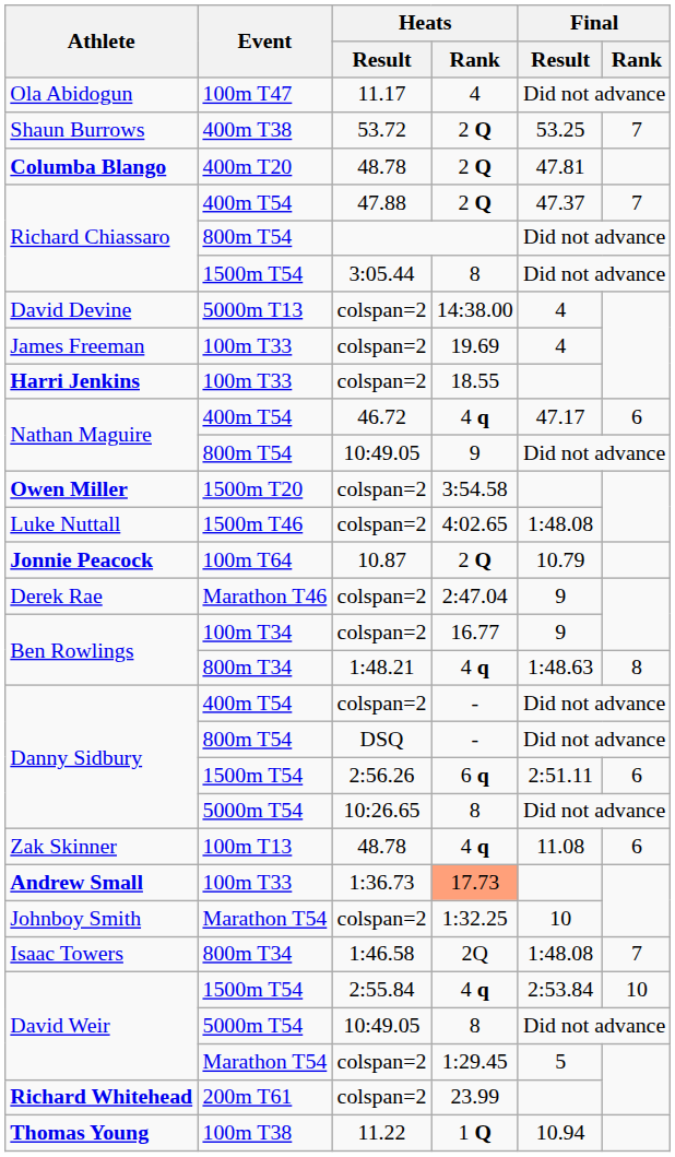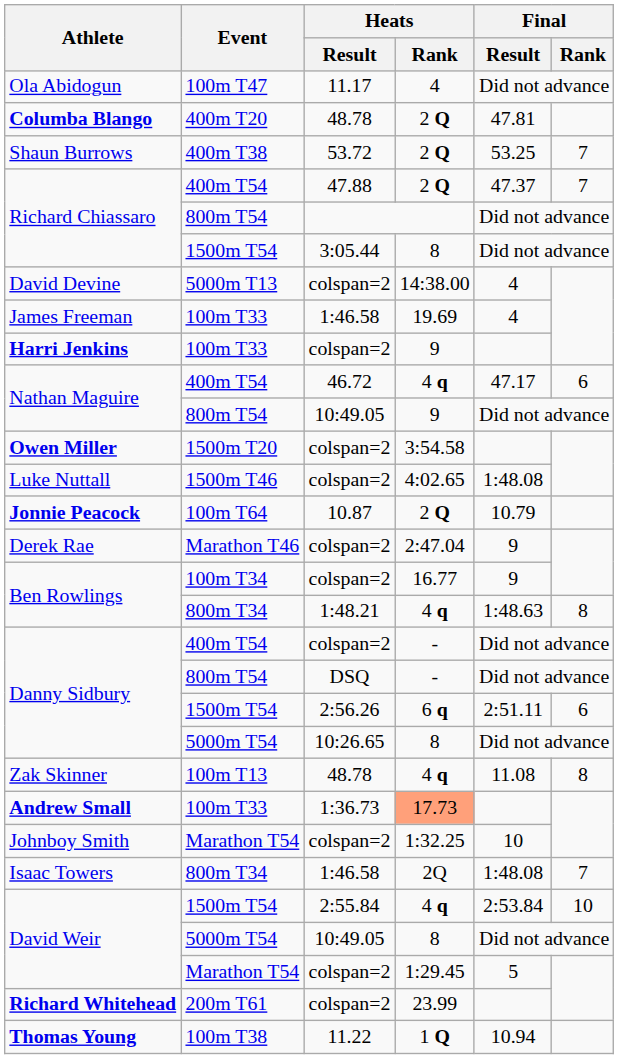 <table class=wikitable style="font-size:90%">
 <tr>
 <th rowspan="2">Athlete</th>
 <th rowspan="2">Event</th>
 <th colspan="2">Heats</th>
 <th colspan="2">Final</th>
 </tr>
 <tr>
 <th>Result</th>
 <th>Rank</th>
 <th>Result</th>
 <th>Rank</th>
 </tr>
 <tr align=center>
 <td align=left><a href='#'>Ola Abidogun</a></td>
 <td align=left><a href='#'>100m T47</a></td>
 <td>11.17</td>
 <td>4</td>
 <td colspan=2>Did not advance</td>
 </tr>
 <tr align=center>
+<td align=left><strong><a href='#'>Columba Blango</a></strong></td>
+<td align=left><a href='#'>400m T20</a></td>
+<td>48.78</td>
+<td>2 <strong>Q</strong></td>
+<td>47.81</td>
+<td></td>
+</tr>
+<tr align=center>
 <td align=left><a href='#'>Shaun Burrows</a></td>
 <td align=left><a href='#'>400m T38</a></td>
 <td>53.72</td>
 <td>2 <strong>Q</strong></td>
 <td>53.25</td>
 <td>7</td>
-</tr>
-<tr align=center>
-<td align=left><strong><a href='#'>Columba Blango</a></strong></td>
-<td align=left><a href='#'>400m T20</a></td>
-<td>48.78</td>
-<td>2 <strong>Q</strong></td>
-<td>47.81</td>
-<td></td>
 </tr>
 <tr align=center>
 <td align=left rowspan=3><a href='#'>Richard Chiassaro</a></td>
 <td align=left><a href='#'>400m T54</a></td>
 <td>47.88</td>
 <td>2 <strong>Q</strong></td>
 <td>47.37</td>
 <td>7</td>
 </tr>
 <tr align=center>
 <td align=left><a href='#'>800m T54</a></td>
 <td colspan="2"></td>
 <td colspan=2>Did not advance</td>
 </tr>
 <tr align=center>
 <td align=left><a href='#'>1500m T54</a></td>
 <td>3:05.44</td>
 <td>8</td>
 <td colspan=2>Did not advance</td>
 </tr>
 <tr align=center>
 <td align=left><a href='#'>David Devine</a></td>
 <td align=left><a href='#'>5000m T13</a></td>
 <td>colspan=2 </td>
 <td>14:38.00</td>
 <td>4</td>
 </tr>
 <tr align=center>
 <td align=left><a href='#'>James Freeman</a></td>
 <td align=left><a href='#'>100m T33</a></td>
-<td>colspan=2 </td>
+<td>1:46.58</td>
 <td>19.69</td>
 <td>4</td>
 </tr>
 <tr align=center>
 <td align=left><strong><a href='#'>Harri Jenkins</a></strong></td>
 <td align=left><a href='#'>100m T33</a></td>
 <td>colspan=2 </td>
-<td>18.55</td>
+<td>9</td>
 <td></td>
 </tr>
 <tr align=center>
 <td align=left rowspan=2><a href='#'>Nathan Maguire</a></td>
 <td align=left><a href='#'>400m T54</a></td>
 <td>46.72</td>
 <td>4 <strong>q</strong></td>
 <td>47.17</td>
 <td>6</td>
 </tr>
 <tr align=center>
 <td align=left><a href='#'>800m T54</a></td>
 <td>10:49.05</td>
 <td>9</td>
 <td colspan=2>Did not advance</td>
 </tr>
 <tr align=center>
 <td align=left><strong><a href='#'>Owen Miller</a></strong></td>
 <td align=left><a href='#'>1500m T20</a></td>
 <td>colspan=2 </td>
 <td>3:54.58</td>
 <td></td>
 </tr>
 <tr align=center>
 <td align=left><a href='#'>Luke Nuttall</a></td>
 <td align=left><a href='#'>1500m T46</a></td>
 <td>colspan=2 </td>
 <td>4:02.65</td>
 <td>1:48.08</td>
 </tr>
 <tr align=center>
 <td align=left><strong><a href='#'>Jonnie Peacock</a></strong></td>
 <td align=left><a href='#'>100m T64</a></td>
 <td>10.87</td>
 <td>2 <strong>Q</strong></td>
 <td>10.79</td>
 <td></td>
 </tr>
 <tr align=center>
 <td align=left><a href='#'>Derek Rae</a></td>
 <td align=left><a href='#'>Marathon T46</a></td>
 <td>colspan=2 </td>
 <td>2:47.04</td>
 <td>9</td>
 </tr>
 <tr align=center>
 <td align=left rowspan=2><a href='#'>Ben Rowlings</a></td>
 <td align=left><a href='#'>100m T34</a></td>
 <td>colspan=2 </td>
 <td>16.77</td>
 <td>9</td>
 </tr>
 <tr align=center>
 <td align=left><a href='#'>800m T34</a></td>
 <td>1:48.21</td>
 <td>4 <strong>q</strong></td>
 <td>1:48.63</td>
 <td>8</td>
 </tr>
 <tr align=center>
 <td align=left rowspan=4><a href='#'>Danny Sidbury</a></td>
 <td align=left><a href='#'>400m T54</a></td>
 <td>colspan=2 </td>
 <td>-</td>
 <td colspan=2>Did not advance</td>
 </tr>
 <tr align=center>
 <td align=left><a href='#'>800m T54</a></td>
 <td>DSQ</td>
 <td>-</td>
 <td colspan=2>Did not advance</td>
 </tr>
 <tr align=center>
 <td align=left><a href='#'>1500m T54</a></td>
 <td>2:56.26</td>
 <td>6 <strong>q</strong></td>
 <td>2:51.11</td>
 <td>6</td>
 </tr>
 <tr align=center>
 <td align=left><a href='#'>5000m T54</a></td>
 <td>10:26.65</td>
 <td>8</td>
 <td colspan=2>Did not advance</td>
 </tr>
 <tr align=center>
 <td align=left><a href='#'>Zak Skinner</a></td>
 <td align=left><a href='#'>100m T13</a></td>
 <td>48.78</td>
 <td>4 <strong>q</strong></td>
 <td>11.08</td>
-<td>6</td>
+<td>8</td>
 </tr>
 <tr align=center>
 <td align=left><strong><a href='#'>Andrew Small</a></strong></td>
 <td align=left><a href='#'>100m T33</a></td>
 <td>1:36.73</td>
 <td style="background: lightsalmon;">17.73</td>
 <td></td>
 </tr>
 <tr align=center>
 <td align=left><a href='#'>Johnboy Smith</a></td>
 <td align=left><a href='#'>Marathon T54</a></td>
 <td>colspan=2 </td>
 <td>1:32.25</td>
 <td>10</td>
 </tr>
 <tr align=center>
 <td align=left><a href='#'>Isaac Towers</a></td>
 <td align=left><a href='#'>800m T34</a></td>
 <td>1:46.58</td>
 <td>2Q</td>
 <td>1:48.08</td>
 <td>7</td>
 </tr>
 <tr align=center>
 <td align=left rowspan=3><a href='#'>David Weir</a></td>
 <td align=left><a href='#'>1500m T54</a></td>
 <td>2:55.84</td>
 <td>4 <strong>q</strong></td>
 <td>2:53.84</td>
 <td>10</td>
 </tr>
 <tr align=center>
 <td align=left><a href='#'>5000m T54</a></td>
 <td>10:49.05</td>
 <td>8</td>
 <td colspan=2>Did not advance</td>
 </tr>
 <tr align=center>
 <td align=left><a href='#'>Marathon T54</a></td>
 <td>colspan=2 </td>
 <td>1:29.45</td>
 <td>5</td>
 </tr>
 <tr align=center>
 <td align=left><strong><a href='#'>Richard Whitehead</a></strong></td>
 <td align=left><a href='#'>200m T61</a></td>
 <td>colspan=2 </td>
 <td>23.99</td>
 <td></td>
 </tr>
 <tr align=center>
 <td align=left><strong><a href='#'>Thomas Young</a></strong></td>
 <td align=left><a href='#'>100m T38</a></td>
 <td>11.22</td>
 <td>1 <strong>Q</strong></td>
 <td>10.94</td>
 <td></td>
 </tr>
 </table>
